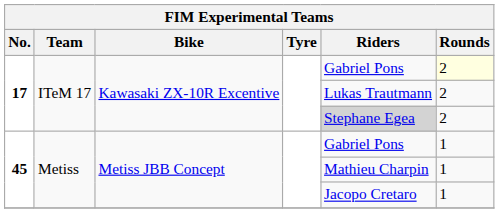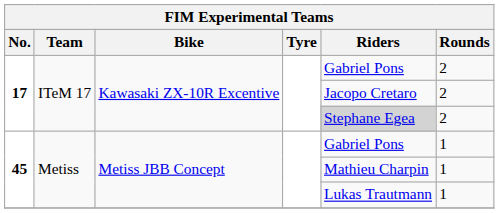 <table class="wikitable" style="font-size: 85%">
 <tr>
 <th colspan="6">FIM Experimental Teams</th>
 </tr>
 <tr>
 <th>No.</th>
 <th>Team</th>
 <th>Bike</th>
 <th>Tyre</th>
 <th>Riders</th>
 <th>Rounds</th>
 </tr>
 <tr>
 <td rowspan=3 style="background:white; text-align:center;"><strong>17</strong></td>
 <td rowspan=3> ITeM 17</td>
 <td rowspan=3><a href='#'>Kawasaki ZX-10R Excentive</a></td>
 <td rowspan=3 style="background:white; text-align:center;"></td>
 <td> <a href='#'>Gabriel Pons</a></td>
-<td style="background: lightyellow;">2</td>
+<td>2</td>
 </tr>
 <tr>
-<td> <a href='#'>Lukas Trautmann</a></td>
+<td> <a href='#'>Jacopo Cretaro</a></td>
 <td>2</td>
 </tr>
 <tr>
 <td style="background: lightgrey;"> <a href='#'>Stephane Egea</a></td>
 <td>2</td>
 </tr>
 <tr>
 <td rowspan=3 style="background:white; text-align:center;"><strong>45</strong></td>
 <td rowspan=3> Metiss</td>
 <td rowspan=3><a href='#'>Metiss JBB Concept</a></td>
 <td rowspan=3 style="background:white; text-align:center;"></td>
 <td> <a href='#'>Gabriel Pons</a></td>
 <td>1</td>
 </tr>
 <tr>
 <td> <a href='#'>Mathieu Charpin</a></td>
 <td>1</td>
 </tr>
 <tr>
-<td> <a href='#'>Jacopo Cretaro</a></td>
+<td> <a href='#'>Lukas Trautmann</a></td>
 <td>1</td>
 </tr>
 <tr>
 </tr>
 </table>
